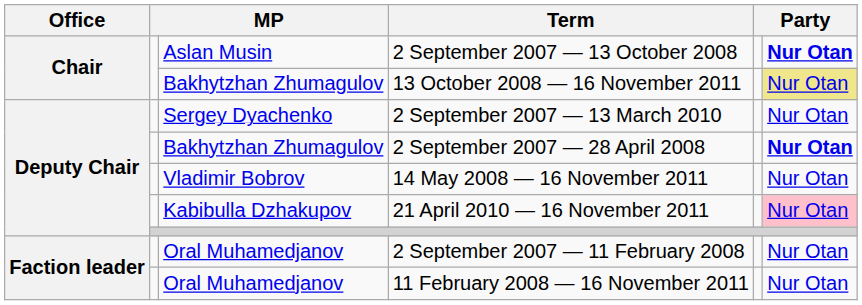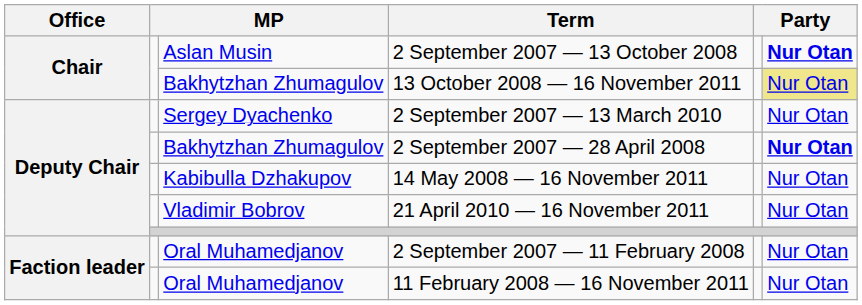 <table class="wikitable">
 <tr>
 <th>Office</th>
 <th colspan="2">MP</th>
 <th>Term</th>
 <th colspan="2">Party</th>
 </tr>
 <tr>
 <th rowspan="2">Chair</th>
 <td rowspan="2" style="background-color:"></td>
 <td><a href='#'>Aslan Musin</a></td>
 <td>2 September 2007 — 13 October 2008</td>
 <td style="background-color:"></td>
 <td><strong><a href='#'>Nur Otan</a></strong></td>
 </tr>
 <tr>
 <td><a href='#'>Bakhytzhan Zhumagulov</a></td>
 <td>13 October 2008 — 16 November 2011</td>
 <td style="background-color:"></td>
 <td style="background: khaki;"><a href='#'>Nur Otan</a></td>
 </tr>
 <tr>
 <th rowspan="5">Deputy Chair</th>
 <td style="background-color:"></td>
 <td><a href='#'>Sergey Dyachenko</a></td>
 <td>2 September 2007 — 13 March 2010</td>
 <td style="background-color:"></td>
 <td><a href='#'>Nur Otan</a></td>
 </tr>
 <tr>
 <td style="background-color:"></td>
 <td><a href='#'>Bakhytzhan Zhumagulov</a></td>
 <td>2 September 2007 — 28 April 2008</td>
 <td style="background-color:"></td>
 <td><strong><a href='#'>Nur Otan</a></strong></td>
 </tr>
 <tr>
 <td style="background-color:"></td>
-<td><a href='#'>Vladimir Bobrov</a></td>
+<td><a href='#'>Kabibulla Dzhakupov</a></td>
 <td>14 May 2008 — 16 November 2011</td>
 <td style="background-color:"></td>
 <td><a href='#'>Nur Otan</a></td>
 </tr>
 <tr>
 <td style="background-color:"></td>
-<td><a href='#'>Kabibulla Dzhakupov</a></td>
+<td><a href='#'>Vladimir Bobrov</a></td>
 <td>21 April 2010 — 16 November 2011</td>
 <td style="background-color:"></td>
-<td style="background: pink;"><a href='#'>Nur Otan</a></td>
+<td><a href='#'>Nur Otan</a></td>
 </tr>
 <tr>
 <td colspan="7" bgcolor="lightgrey"></td>
 </tr>
 <tr>
 <th rowspan="5">Faction leader</th>
 <td style="background-color:"></td>
 <td><a href='#'>Oral Muhamedjanov</a></td>
 <td>2 September 2007 — 11 February 2008</td>
 <td style="background-color:"></td>
 <td><a href='#'>Nur Otan</a></td>
 </tr>
 <tr>
 <td style="background-color:"></td>
 <td><a href='#'>Oral Muhamedjanov</a></td>
 <td>11 February 2008 — 16 November 2011</td>
 <td style="background-color:"></td>
 <td><a href='#'>Nur Otan</a></td>
 </tr>
 </table>
